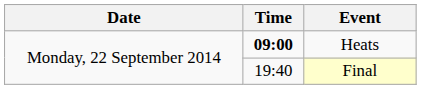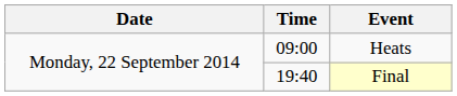 <table class = "wikitable" style="text-align:center;">
 <tr>
 <th width=220>Date</th>
 <th width=50>Time</th>
 <th width=100>Event</th>
 </tr>
 <tr>
 <td rowspan=2>Monday, 22 September 2014</td>
-<td><strong>09:00</strong></td>
+<td>09:00</td>
 <td>Heats</td>
 </tr>
 <tr>
 <td>19:40</td>
 <td bgcolor=ffffcc>Final</td>
 </tr>
 </table>
